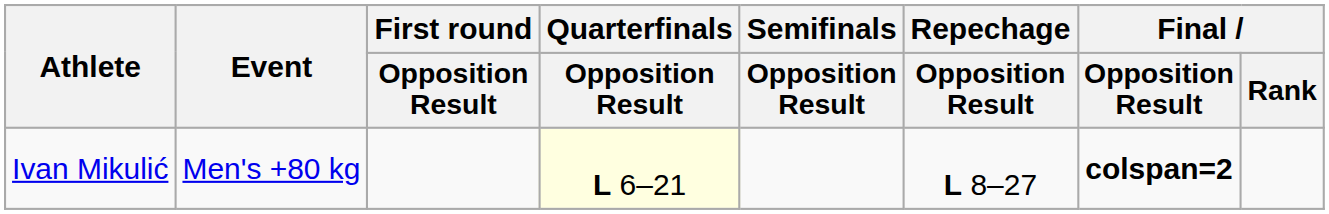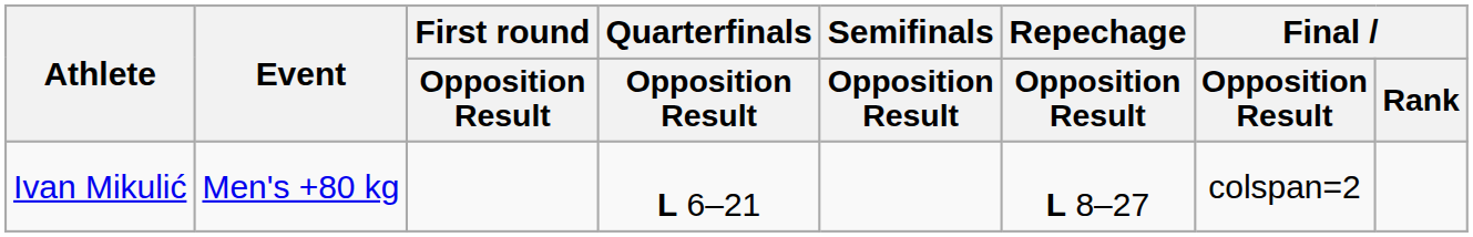 <table class="wikitable" style="font-size:90%;">
 <tr>
 <th rowspan=2>Athlete</th>
 <th rowspan=2>Event</th>
 <th>First round</th>
 <th>Quarterfinals</th>
 <th>Semifinals</th>
 <th>Repechage</th>
 <th colspan=2>Final / </th>
 </tr>
 <tr style="font-size:95%">
 <th>Opposition<br>Result</th>
 <th>Opposition<br>Result</th>
 <th>Opposition<br>Result</th>
 <th>Opposition<br>Result</th>
 <th>Opposition<br>Result</th>
 <th>Rank</th>
 </tr>
 <tr align=center>
 <td align=left><a href='#'>Ivan Mikulić</a></td>
 <td align=left><a href='#'>Men's +80 kg</a></td>
 <td></td>
-<td style="background: lightyellow;"><br><strong>L</strong> 6–21</td>
+<td><br><strong>L</strong> 6–21</td>
 <td></td>
 <td><br><strong>L</strong> 8–27</td>
-<td><strong>colspan=2 </strong></td>
+<td>colspan=2 </td>
 </tr>
 </table>
